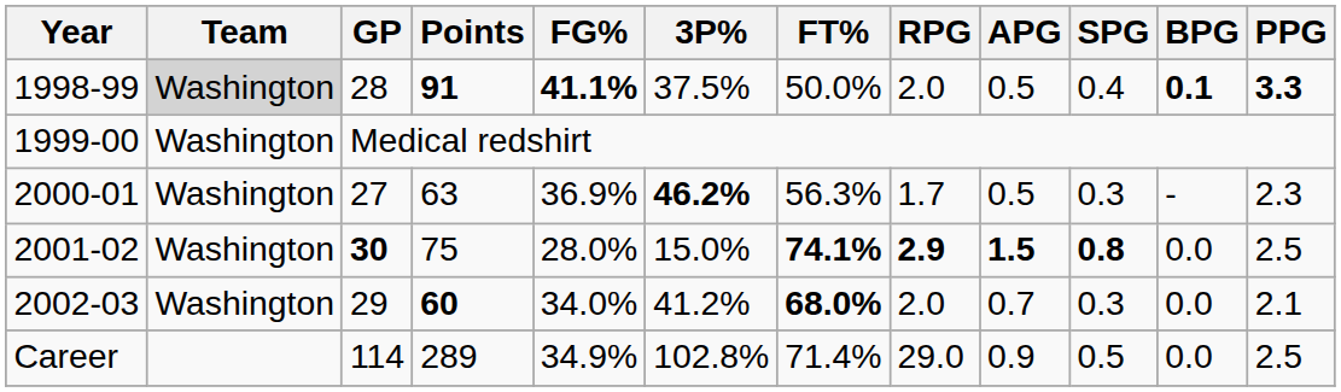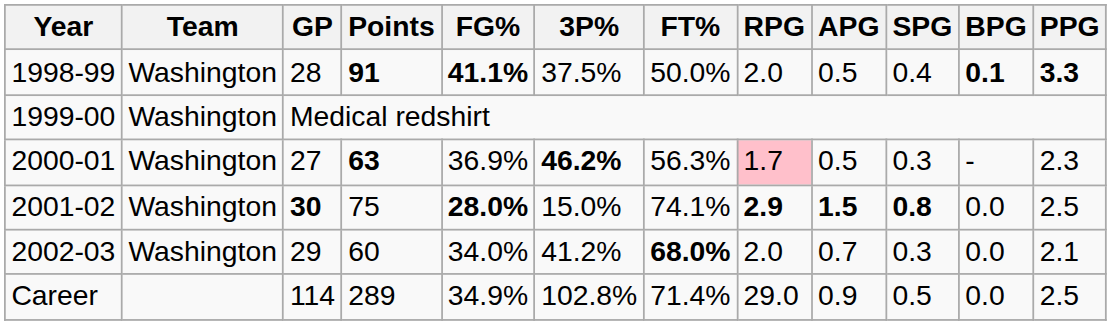 <table class="wikitable">
 <tr>
 <th>Year</th>
 <th>Team</th>
 <th>GP</th>
 <th>Points</th>
 <th>FG%</th>
 <th>3P%</th>
 <th>FT%</th>
 <th>RPG</th>
 <th>APG</th>
 <th>SPG</th>
 <th>BPG</th>
 <th>PPG</th>
 </tr>
 <tr>
 <td>1998-99</td>
-<td style="background: lightgrey;">Washington</td>
+<td>Washington</td>
 <td>28</td>
 <td><strong>91</strong></td>
 <td><strong>41.1%</strong></td>
 <td>37.5%</td>
 <td>50.0%</td>
 <td>2.0</td>
 <td>0.5</td>
 <td>0.4</td>
 <td><strong>0.1</strong></td>
 <td><strong>3.3</strong></td>
 </tr>
 <tr>
 <td>1999-00</td>
 <td>Washington</td>
 <td colspan="10">Medical redshirt</td>
 </tr>
 <tr>
 <td>2000-01</td>
 <td>Washington</td>
 <td>27</td>
-<td>63</td>
+<td><strong>63</strong></td>
 <td>36.9%</td>
 <td><strong>46.2%</strong></td>
 <td>56.3%</td>
-<td>1.7</td>
+<td style="background: pink;">1.7</td>
 <td>0.5</td>
 <td>0.3</td>
 <td>-</td>
 <td>2.3</td>
 </tr>
 <tr>
 <td>2001-02</td>
 <td>Washington</td>
 <td><strong>30</strong></td>
 <td>75</td>
-<td>28.0%</td>
+<td><strong>28.0%</strong></td>
 <td>15.0%</td>
-<td><strong>74.1%</strong></td>
+<td>74.1%</td>
 <td><strong>2.9</strong></td>
 <td><strong>1.5</strong></td>
 <td><strong>0.8</strong></td>
 <td>0.0</td>
 <td>2.5</td>
 </tr>
 <tr>
 <td>2002-03</td>
 <td>Washington</td>
 <td>29</td>
-<td><strong>60</strong></td>
+<td>60</td>
 <td>34.0%</td>
 <td>41.2%</td>
 <td><strong>68.0%</strong></td>
 <td>2.0</td>
 <td>0.7</td>
 <td>0.3</td>
 <td>0.0</td>
 <td>2.1</td>
 </tr>
 <tr>
 <td>Career</td>
 <td></td>
 <td>114</td>
 <td>289</td>
 <td>34.9%</td>
 <td>102.8%</td>
 <td>71.4%</td>
 <td>29.0</td>
 <td>0.9</td>
 <td>0.5</td>
 <td>0.0</td>
 <td>2.5</td>
 </tr>
 </table>
